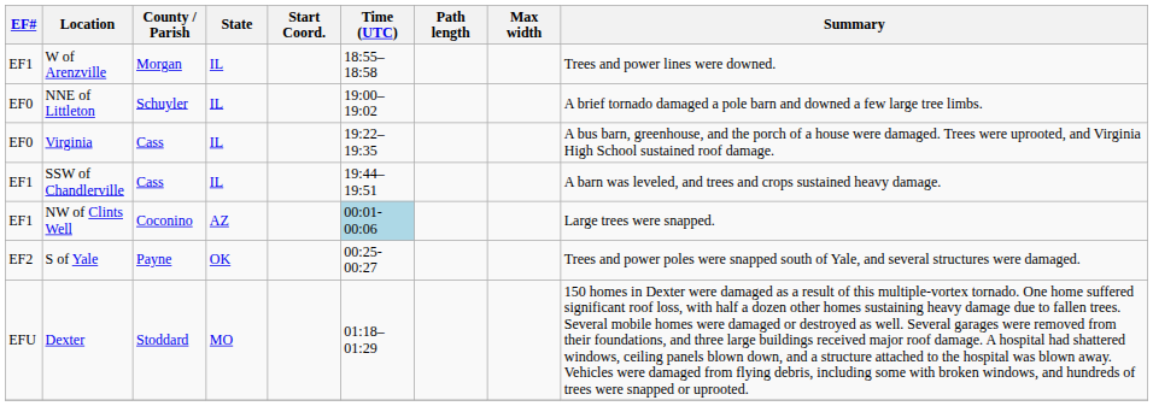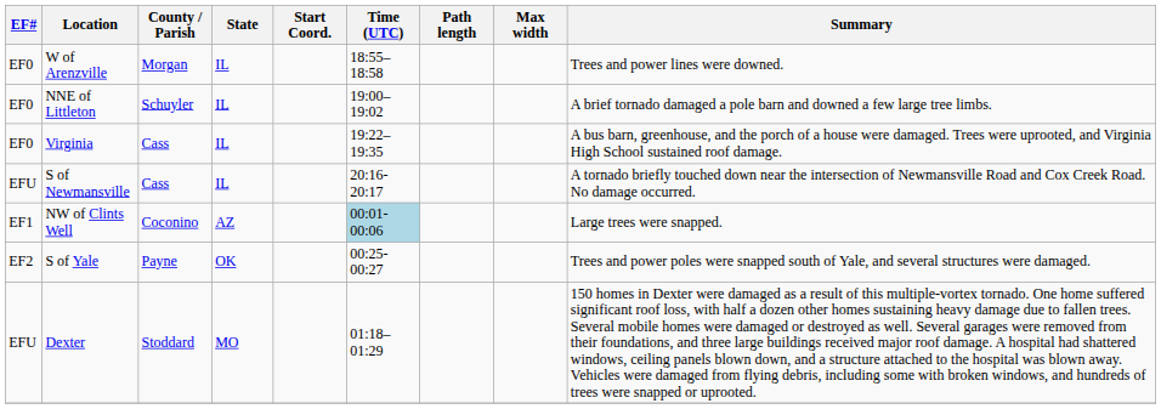 <table class="wikitable sortable" style="width:100%;">
 <tr>
 <th scope="col"  style="width:3%; text-align:center;"><a href='#'>EF#</a></th>
 <th scope="col"  style="width:7%; text-align:center;" class="unsortable">Location</th>
 <th scope="col"  style="width:6%; text-align:center;" class="unsortable">County / Parish</th>
 <th scope="col"  style="width:5%; text-align:center;">State</th>
 <th scope="col"  style="width:6%; text-align:center;">Start Coord.</th>
 <th scope="col"  style="width:6%; text-align:center;">Time (<a href='#'>UTC</a>)</th>
 <th scope="col"  style="width:6%; text-align:center;">Path length</th>
 <th scope="col"  style="width:6%; text-align:center;">Max width</th>
 <th scope="col" class="unsortable" style="width:48%; text-align:center;">Summary</th>
 </tr>
 <tr>
-<td>EF1</td>
+<td>EF0</td>
 <td>W of <a href='#'>Arenzville</a></td>
 <td><a href='#'>Morgan</a></td>
 <td><a href='#'>IL</a></td>
 <td></td>
 <td>18:55–18:58</td>
 <td></td>
 <td></td>
 <td>Trees and power lines were downed.</td>
 </tr>
 <tr>
 <td>EF0</td>
 <td>NNE of <a href='#'>Littleton</a></td>
 <td><a href='#'>Schuyler</a></td>
 <td><a href='#'>IL</a></td>
 <td></td>
 <td>19:00–19:02</td>
 <td></td>
 <td></td>
 <td>A brief tornado damaged a pole barn and downed a few large tree limbs.</td>
 </tr>
 <tr>
 <td>EF0</td>
 <td><a href='#'>Virginia</a></td>
 <td><a href='#'>Cass</a></td>
 <td><a href='#'>IL</a></td>
 <td></td>
 <td>19:22–19:35</td>
 <td></td>
 <td></td>
 <td>A bus barn, greenhouse, and the porch of a house were damaged. Trees were uprooted, and Virginia High School sustained roof damage.</td>
 </tr>
 <tr>
-<td>EF1</td>
-<td>SSW of <a href='#'>Chandlerville</a></td>
+<td>EFU</td>
+<td>S of <a href='#'>Newmansville</a></td>
 <td><a href='#'>Cass</a></td>
 <td><a href='#'>IL</a></td>
 <td></td>
-<td>19:44–19:51</td>
+<td>20:16-20:17</td>
 <td></td>
 <td></td>
-<td>A barn was leveled, and trees and crops sustained heavy damage.</td>
+<td>A tornado briefly touched down near the intersection of Newmansville Road and Cox Creek Road. No damage occurred.</td>
 </tr>
 <tr>
 <td>EF1</td>
 <td>NW of <a href='#'>Clints Well</a></td>
 <td><a href='#'>Coconino</a></td>
 <td><a href='#'>AZ</a></td>
 <td></td>
 <td style="background: lightblue;">00:01-00:06</td>
 <td></td>
 <td></td>
 <td>Large trees were snapped.</td>
 </tr>
 <tr>
 <td>EF2</td>
 <td>S of <a href='#'>Yale</a></td>
 <td><a href='#'>Payne</a></td>
 <td><a href='#'>OK</a></td>
 <td></td>
 <td>00:25-00:27</td>
 <td></td>
 <td></td>
 <td>Trees and power poles were snapped south of Yale, and several structures were damaged.</td>
 </tr>
 <tr>
 <td>EFU</td>
 <td><a href='#'>Dexter</a></td>
 <td><a href='#'>Stoddard</a></td>
 <td><a href='#'>MO</a></td>
 <td></td>
 <td>01:18–01:29</td>
 <td></td>
 <td></td>
 <td>150 homes in Dexter were damaged as a result of this multiple-vortex tornado. One home suffered significant roof loss, with half a dozen other homes sustaining heavy damage due to fallen trees. Several mobile homes were damaged or destroyed as well. Several garages were removed from their foundations, and three large buildings received major roof damage. A hospital had shattered windows, ceiling panels blown down, and a structure attached to the hospital was blown away. Vehicles were damaged from flying debris, including some with broken windows, and hundreds of trees were snapped or uprooted.</td>
 </tr>
 <tr>
 </tr>
 </table>
